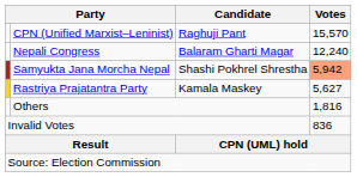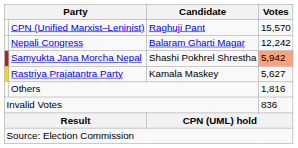 <table class="wikitable">
 <tr>
 <th colspan="2">Party</th>
 <th>Candidate</th>
 <th>Votes</th>
 </tr>
 <tr>
 <td style="background-color:"></td>
 <td><a href='#'>CPN (Unified Marxist–Leninist)</a></td>
 <td><a href='#'>Raghuji Pant</a></td>
 <td>15,570</td>
 </tr>
 <tr>
 <td style="background-color:"></td>
 <td><a href='#'>Nepali Congress</a></td>
 <td><a href='#'>Balaram Gharti Magar</a></td>
-<td>12,240</td>
+<td>12,242</td>
 </tr>
 <tr>
 <td style="background-color:firebrick"></td>
 <td><a href='#'>Samyukta Jana Morcha Nepal</a></td>
 <td>Shashi Pokhrel Shrestha</td>
 <td style="background: lightsalmon;">5,942</td>
 </tr>
 <tr>
 <td style="background-color:gold"></td>
 <td><a href='#'>Rastriya Prajatantra Party</a></td>
 <td>Kamala Maskey</td>
 <td>5,627</td>
 </tr>
 <tr>
 <td></td>
 <td colspan="2">Others</td>
 <td>1,816</td>
 </tr>
 <tr>
 <td colspan="3">Invalid Votes</td>
 <td>836</td>
 </tr>
 <tr>
 <th colspan="2">Result</th>
 <th colspan="2">CPN (UML) hold</th>
 </tr>
 <tr>
 <td colspan="4">Source: Election Commission</td>
 </tr>
 </table>
